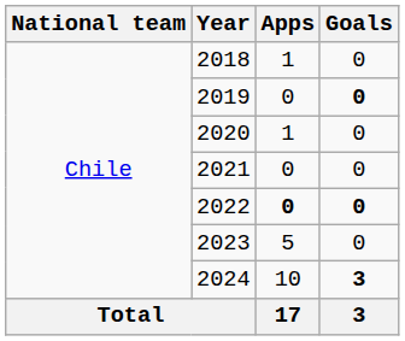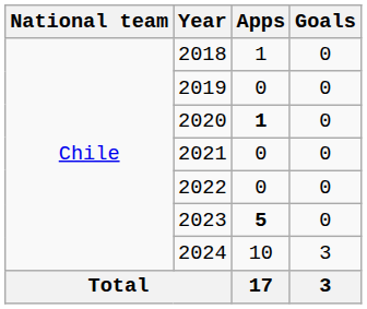 <table class=wikitable style=text-align:center>
 <tr>
 <th>National team</th>
 <th>Year</th>
 <th>Apps</th>
 <th>Goals</th>
 </tr>
 <tr>
 <td rowspan="7"><a href='#'>Chile</a></td>
 <td>2018</td>
 <td>1</td>
 <td>0</td>
 </tr>
 <tr>
 <td>2019</td>
 <td>0</td>
-<td><strong>0</strong></td>
+<td>0</td>
 </tr>
 <tr>
 <td>2020</td>
-<td>1</td>
+<td><strong>1</strong></td>
 <td>0</td>
 </tr>
 <tr>
 <td>2021</td>
 <td>0</td>
 <td>0</td>
 </tr>
 <tr>
 <td>2022</td>
-<td><strong>0</strong></td>
-<td><strong>0</strong></td>
+<td>0</td>
+<td>0</td>
 </tr>
 <tr>
 <td>2023</td>
-<td>5</td>
+<td><strong>5</strong></td>
 <td>0</td>
 </tr>
 <tr>
 <td>2024</td>
 <td>10</td>
-<td><strong>3</strong></td>
+<td>3</td>
 </tr>
 <tr>
 <th colspan=2>Total</th>
 <th>17</th>
 <th>3</th>
 </tr>
 </table>
